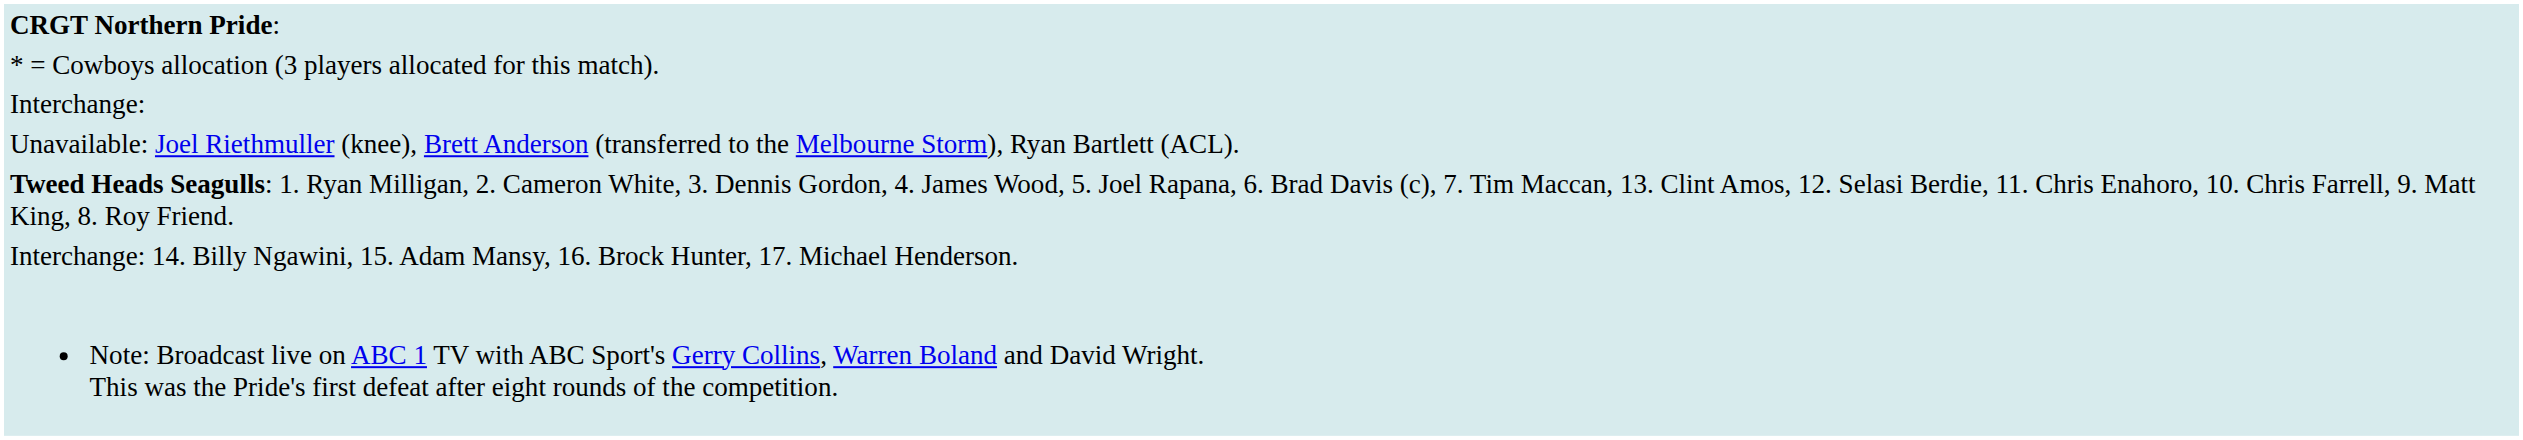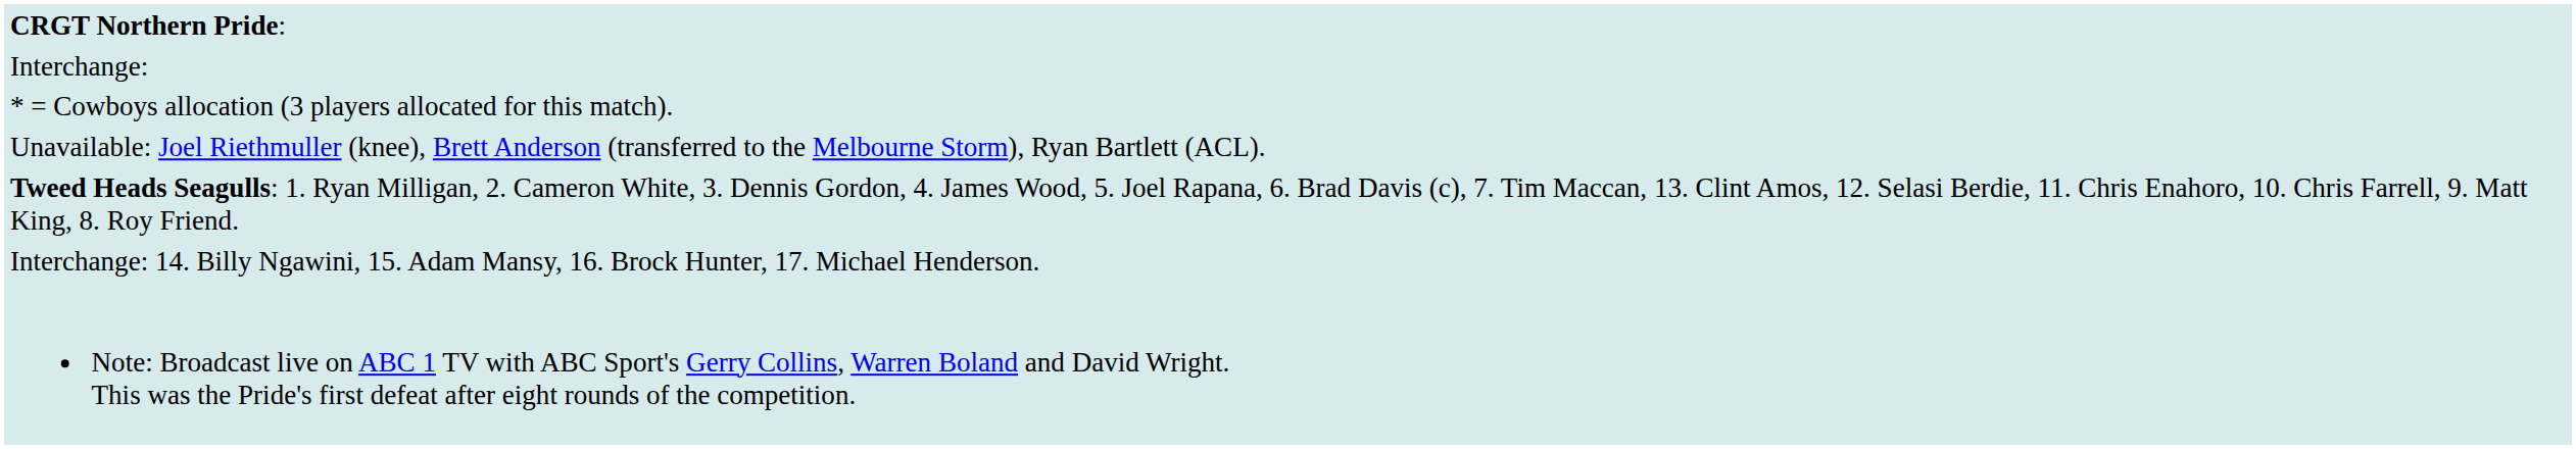 <table style="background:#d7ebed; font-size:85%; width:100%;">
 <tr>
 <td><strong>CRGT Northern Pride</strong>:             </td>
 </tr>
 <tr>
-<td>* = Cowboys allocation (3 players allocated for this match).</td>
+<td>Interchange:    </td>
 </tr>
 <tr>
-<td>Interchange:    </td>
+<td>* = Cowboys allocation (3 players allocated for this match).</td>
 </tr>
 <tr>
 <td>Unavailable: <a href='#'>Joel Riethmuller</a> (knee), <a href='#'>Brett Anderson</a> (transferred to the <a href='#'>Melbourne Storm</a>), Ryan Bartlett (ACL).</td>
 </tr>
 <tr>
 <td><strong>Tweed Heads Seagulls</strong>: 1. Ryan Milligan, 2. Cameron White, 3. Dennis Gordon, 4. James Wood, 5. Joel Rapana, 6. Brad Davis (c), 7. Tim Maccan, 13. Clint Amos, 12. Selasi Berdie, 11. Chris Enahoro, 10. Chris Farrell, 9. Matt King, 8. Roy Friend.</td>
 </tr>
 <tr>
 <td>Interchange: 14. Billy Ngawini, 15. Adam Mansy, 16. Brock Hunter, 17. Michael Henderson.</td>
 </tr>
 <tr>
 <td><br><ul><li>Note: Broadcast live on <a href='#'>ABC 1</a> TV with ABC Sport's <a href='#'>Gerry Collins</a>, <a href='#'>Warren Boland</a> and David Wright.<br>This was the Pride's first defeat after eight rounds of the competition.</li></ul></td>
 </tr>
 </table>
